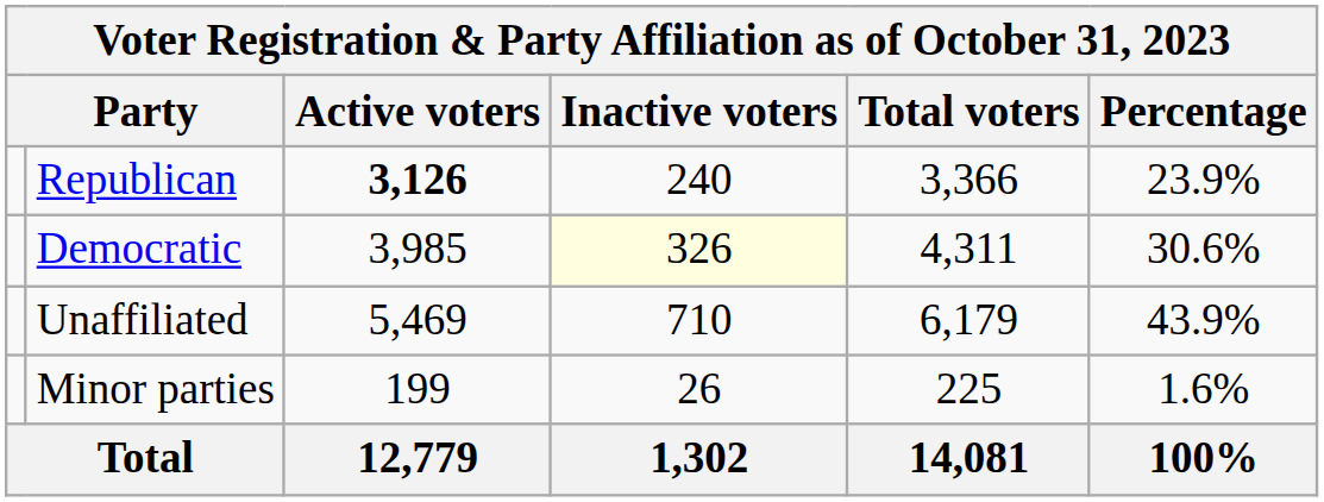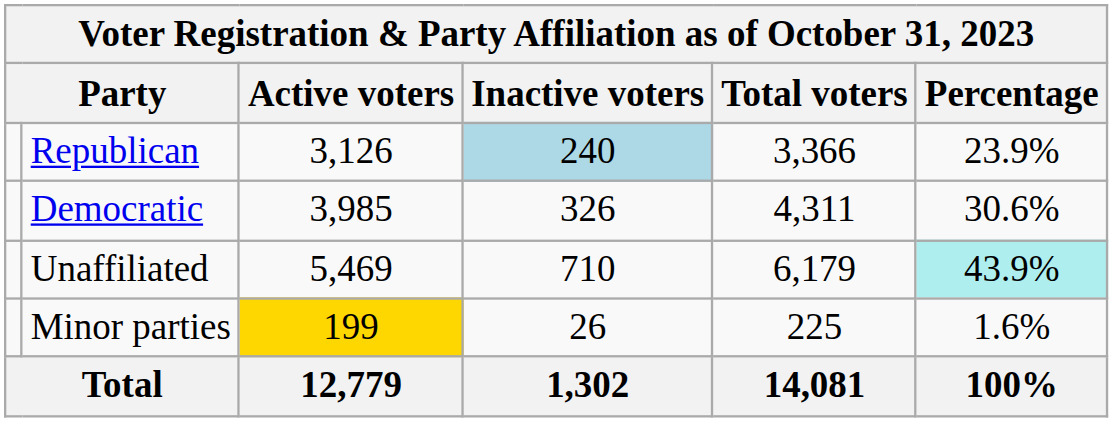 <table class=wikitable>
 <tr>
 <th colspan = 6>Voter Registration & Party Affiliation as of October 31, 2023</th>
 </tr>
 <tr>
 <th colspan = 2>Party</th>
 <th>Active voters</th>
 <th>Inactive voters</th>
 <th>Total voters</th>
 <th>Percentage</th>
 </tr>
 <tr>
 <td></td>
 <td><a href='#'>Republican</a></td>
-<td align = center><strong>3,126</strong></td>
-<td align = center>240</td>
+<td align = center>3,126</td>
+<td align = center style="background: lightblue;">240</td>
 <td align = center>3,366</td>
 <td align = center>23.9%</td>
 </tr>
 <tr>
 <td></td>
 <td><a href='#'>Democratic</a></td>
 <td align = center>3,985</td>
-<td align = center style="background: lightyellow;">326</td>
+<td align = center>326</td>
 <td align = center>4,311</td>
 <td align = center>30.6%</td>
 </tr>
 <tr>
 <td></td>
 <td>Unaffiliated</td>
 <td align = center>5,469</td>
 <td align = center>710</td>
 <td align = center>6,179</td>
-<td align = center>43.9%</td>
+<td align = center style="background: paleturquoise;">43.9%</td>
 </tr>
 <tr>
 <td></td>
 <td>Minor parties</td>
-<td align = center>199</td>
+<td align = center style="background: gold;">199</td>
 <td align = center>26</td>
 <td align = center>225</td>
 <td align = center>1.6%</td>
 </tr>
 <tr>
 <th colspan = 2>Total</th>
 <th align = center>12,779</th>
 <th align = center>1,302</th>
 <th align = center>14,081</th>
 <th align = center>100%</th>
 </tr>
 </table>
